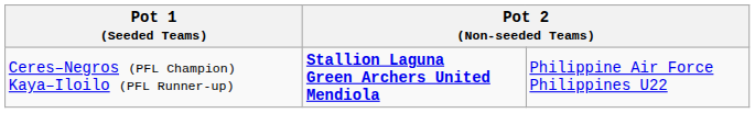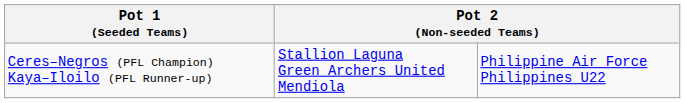 <table class="wikitable" style="width:50%;">
 <tr>
 <th width="20%">Pot 1<br><small>(Seeded Teams)</small></th>
 <th colspan="2" width="30%">Pot 2<br><small>(Non-seeded Teams)</small></th>
 </tr>
 <tr>
 <td><a href='#'>Ceres–Negros</a> <small>(PFL Champion)</small><br><a href='#'>Kaya–Iloilo</a> <small>(PFL Runner-up)</small></td>
-<td><strong><a href='#'>Stallion Laguna</a><br><a href='#'>Green Archers United</a><br><a href='#'>Mendiola</a></strong></td>
+<td><a href='#'>Stallion Laguna</a><br><a href='#'>Green Archers United</a><br><a href='#'>Mendiola</a></td>
 <td><a href='#'>Philippine Air Force</a><br><a href='#'>Philippines U22</a></td>
 </tr>
 </table>
